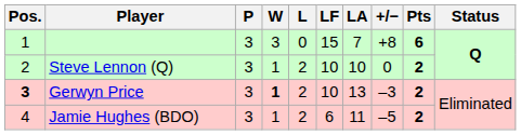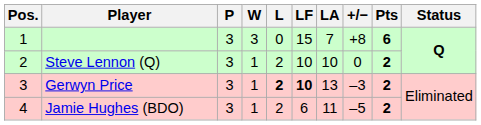 <table class="wikitable" style="text-align:center; margin: 1em auto 1em auto, align:left">
 <tr>
 <th width=20>Pos.</th>
 <th width=185>Player</th>
 <th width=20>P</th>
 <th width=20>W</th>
 <th width=20>L</th>
 <th width=20>LF</th>
 <th width=20>LA</th>
 <th width=25>+/−</th>
 <th width=20>Pts</th>
 <th width=70>Status</th>
 </tr>
 <tr style="background:#CCFFCC;">
 <td>1</td>
 <td align=left></td>
 <td>3</td>
 <td>3</td>
 <td>0</td>
 <td>15</td>
 <td>7</td>
 <td>+8</td>
 <td><strong>6</strong></td>
 <td rowspan=2><strong>Q</strong></td>
 </tr>
 <tr style="background:#CCFFCC;">
 <td>2</td>
 <td align=left> <a href='#'>Steve Lennon</a> (Q)</td>
 <td>3</td>
 <td>1</td>
 <td>2</td>
 <td>10</td>
 <td>10</td>
 <td>0</td>
 <td><strong>2</strong></td>
 </tr>
 <tr style="background:#FFCCCC;">
-<td><strong>3</strong></td>
+<td>3</td>
 <td align=left> <a href='#'>Gerwyn Price</a></td>
 <td>3</td>
-<td><strong>1</strong></td>
-<td>2</td>
-<td>10</td>
+<td>1</td>
+<td><strong>2</strong></td>
+<td><strong>10</strong></td>
 <td>13</td>
 <td>–3</td>
 <td><strong>2</strong></td>
 <td rowspan=2>Eliminated</td>
 </tr>
 <tr style="background:#FFCCCC;">
 <td>4</td>
 <td align=left> <a href='#'>Jamie Hughes</a> (BDO)</td>
 <td>3</td>
 <td>1</td>
 <td>2</td>
 <td>6</td>
 <td>11</td>
 <td>–5</td>
 <td><strong>2</strong></td>
 </tr>
 </table>
